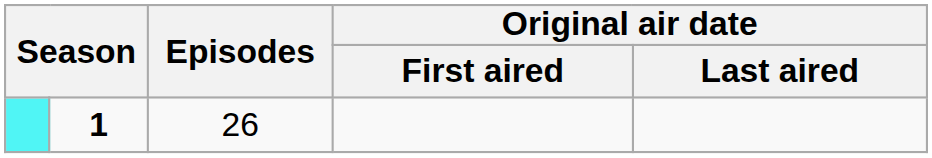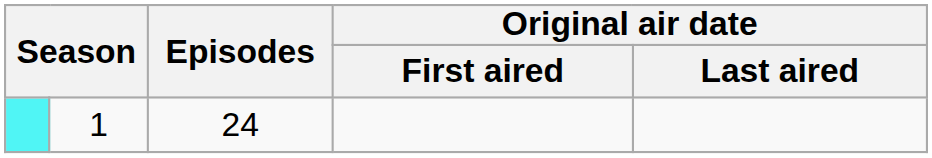 <table class="wikitable" style="text-align:center;">
 <tr>
 <th scope="col" style="padding:0 5px;" rowspan="2" colspan="2">Season</th>
 <th scope="col" style="padding:0 8px;" rowspan="2">Episodes</th>
 <th scope="col" style="padding:0 80px;" colspan="2">Original air date</th>
 </tr>
 <tr>
 <th scope="col">First aired</th>
 <th scope="col">Last aired</th>
 </tr>
 <tr>
 <td scope="row" style="background:#50f5f5; color:#100;"></td>
-<td><strong>1</strong></td>
-<td>26</td>
+<td>1</td>
+<td>24</td>
 <td></td>
 <td></td>
 </tr>
 </table>
